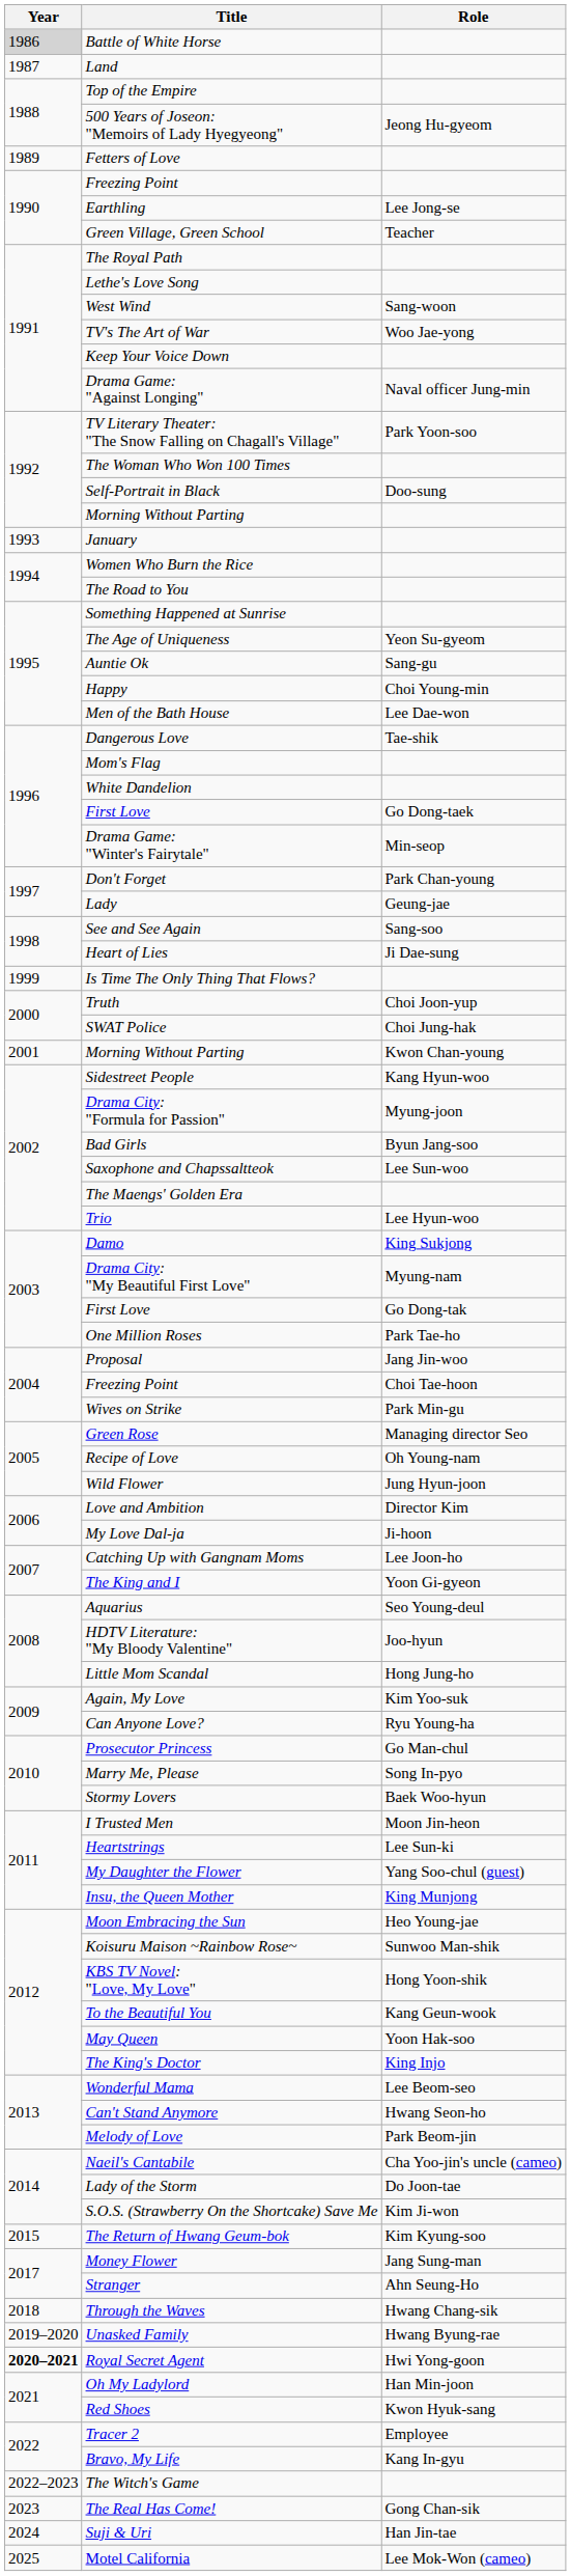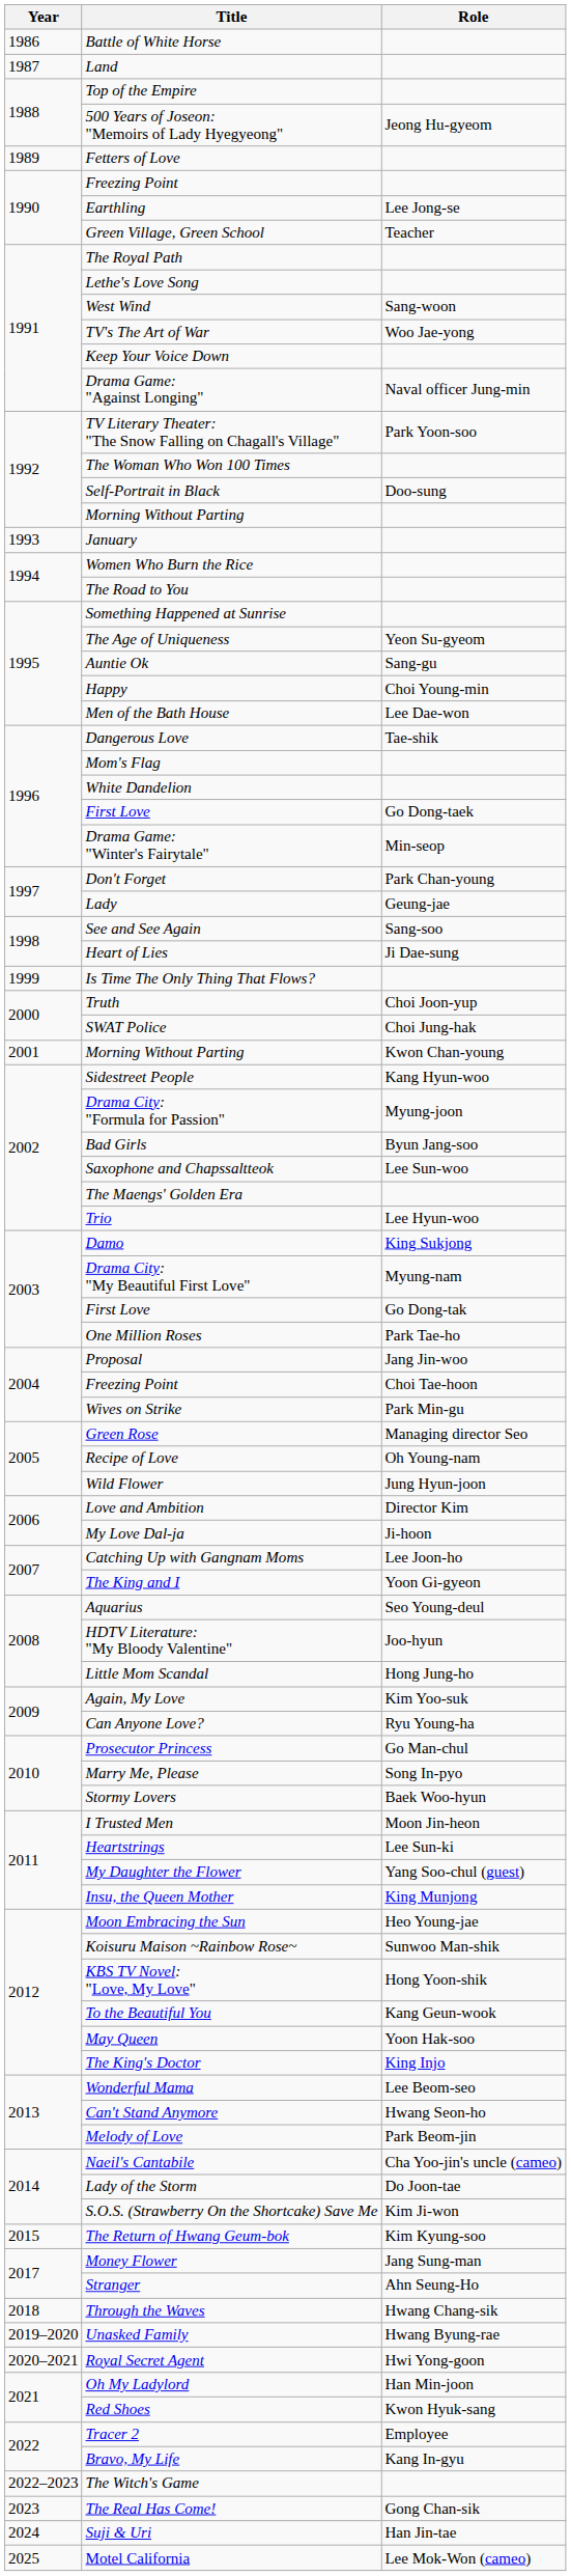 <table class="wikitable">
 <tr>
 <th>Year</th>
 <th>Title</th>
 <th>Role</th>
 </tr>
 <tr>
-<td style="background: lightgrey;">1986</td>
+<td>1986</td>
 <td><em>Battle of White Horse</em></td>
 <td></td>
 </tr>
 <tr>
 <td>1987</td>
 <td><em>Land</em></td>
 <td></td>
 </tr>
 <tr>
 <td rowspan=2>1988</td>
 <td><em>Top of the Empire</em></td>
 <td></td>
 </tr>
 <tr>
 <td><em>500 Years of Joseon:</em><br>"Memoirs of Lady Hyegyeong"</td>
 <td>Jeong Hu-gyeom</td>
 </tr>
 <tr>
 <td>1989</td>
 <td><em>Fetters of Love</em></td>
 <td></td>
 </tr>
 <tr>
 <td rowspan=3>1990</td>
 <td><em>Freezing Point</em></td>
 <td></td>
 </tr>
 <tr>
 <td><em>Earthling</em></td>
 <td>Lee Jong-se</td>
 </tr>
 <tr>
 <td><em>Green Village, Green School</em></td>
 <td>Teacher</td>
 </tr>
 <tr>
 <td rowspan=6>1991</td>
 <td><em>The Royal Path</em></td>
 <td></td>
 </tr>
 <tr>
 <td><em>Lethe's Love Song</em></td>
 <td></td>
 </tr>
 <tr>
 <td><em>West Wind</em></td>
 <td>Sang-woon</td>
 </tr>
 <tr>
 <td><em>TV's The Art of War</em></td>
 <td>Woo Jae-yong</td>
 </tr>
 <tr>
 <td><em>Keep Your Voice Down</em></td>
 <td></td>
 </tr>
 <tr>
 <td><em>Drama Game:</em><br>"Against Longing"</td>
 <td>Naval officer Jung-min</td>
 </tr>
 <tr>
 <td rowspan=4>1992</td>
 <td><em>TV Literary Theater:</em><br>"The Snow Falling on Chagall's Village"</td>
 <td>Park Yoon-soo</td>
 </tr>
 <tr>
 <td><em>The Woman Who Won 100 Times</em></td>
 <td></td>
 </tr>
 <tr>
 <td><em>Self-Portrait in Black</em></td>
 <td>Doo-sung</td>
 </tr>
 <tr>
 <td><em>Morning Without Parting</em></td>
 <td></td>
 </tr>
 <tr>
 <td>1993</td>
 <td><em>January</em></td>
 <td></td>
 </tr>
 <tr>
 <td rowspan=2>1994</td>
 <td><em>Women Who Burn the Rice</em></td>
 <td></td>
 </tr>
 <tr>
 <td><em>The Road to You</em></td>
 <td></td>
 </tr>
 <tr>
 <td rowspan=5>1995</td>
 <td><em>Something Happened at Sunrise</em></td>
 <td></td>
 </tr>
 <tr>
 <td><em>The Age of Uniqueness</em></td>
 <td>Yeon Su-gyeom</td>
 </tr>
 <tr>
 <td><em>Auntie Ok</em></td>
 <td>Sang-gu</td>
 </tr>
 <tr>
 <td><em>Happy</em></td>
 <td>Choi Young-min</td>
 </tr>
 <tr>
 <td><em>Men of the Bath House</em></td>
 <td>Lee Dae-won</td>
 </tr>
 <tr>
 <td rowspan=5>1996</td>
 <td><em>Dangerous Love</em></td>
 <td>Tae-shik</td>
 </tr>
 <tr>
 <td><em>Mom's Flag</em></td>
 <td></td>
 </tr>
 <tr>
 <td><em>White Dandelion</em></td>
 <td></td>
 </tr>
 <tr>
 <td><em><a href='#'>First Love</a></em></td>
 <td>Go Dong-taek</td>
 </tr>
 <tr>
 <td><em>Drama Game:</em><br>"Winter's Fairytale"</td>
 <td>Min-seop</td>
 </tr>
 <tr>
 <td rowspan=2>1997</td>
 <td><em>Don't Forget</em></td>
 <td>Park Chan-young</td>
 </tr>
 <tr>
 <td><em>Lady</em></td>
 <td>Geung-jae</td>
 </tr>
 <tr>
 <td rowspan=2>1998</td>
 <td><em>See and See Again</em></td>
 <td>Sang-soo</td>
 </tr>
 <tr>
 <td><em>Heart of Lies</em></td>
 <td>Ji Dae-sung</td>
 </tr>
 <tr>
 <td>1999</td>
 <td><em>Is Time The Only Thing That Flows?</em></td>
 <td></td>
 </tr>
 <tr>
 <td rowspan=2>2000</td>
 <td><em>Truth</em></td>
 <td>Choi Joon-yup</td>
 </tr>
 <tr>
 <td><em>SWAT Police</em></td>
 <td>Choi Jung-hak</td>
 </tr>
 <tr>
 <td>2001</td>
 <td><em>Morning Without Parting</em></td>
 <td>Kwon Chan-young</td>
 </tr>
 <tr>
 <td rowspan=6>2002</td>
 <td><em>Sidestreet People</em></td>
 <td>Kang Hyun-woo</td>
 </tr>
 <tr>
 <td><em><a href='#'>Drama City</a>:</em><br>"Formula for Passion"</td>
 <td>Myung-joon</td>
 </tr>
 <tr>
 <td><em>Bad Girls</em></td>
 <td>Byun Jang-soo</td>
 </tr>
 <tr>
 <td><em>Saxophone and Chapssaltteok</em></td>
 <td>Lee Sun-woo</td>
 </tr>
 <tr>
 <td><em>The Maengs' Golden Era</em></td>
 <td></td>
 </tr>
 <tr>
 <td><em><a href='#'>Trio</a></em></td>
 <td>Lee Hyun-woo</td>
 </tr>
 <tr>
 <td rowspan=4>2003</td>
 <td><em><a href='#'>Damo</a></em></td>
 <td><a href='#'>King Sukjong</a></td>
 </tr>
 <tr>
 <td><em><a href='#'>Drama City</a>:</em><br>"My Beautiful First Love"</td>
 <td>Myung-nam</td>
 </tr>
 <tr>
 <td><em>First Love</em></td>
 <td>Go Dong-tak</td>
 </tr>
 <tr>
 <td><em>One Million Roses</em></td>
 <td>Park Tae-ho</td>
 </tr>
 <tr>
 <td rowspan=3>2004</td>
 <td><em>Proposal</em></td>
 <td>Jang Jin-woo</td>
 </tr>
 <tr>
 <td><em>Freezing Point</em></td>
 <td>Choi Tae-hoon</td>
 </tr>
 <tr>
 <td><em>Wives on Strike</em></td>
 <td>Park Min-gu</td>
 </tr>
 <tr>
 <td rowspan=3>2005</td>
 <td><em><a href='#'>Green Rose</a></em></td>
 <td>Managing director Seo</td>
 </tr>
 <tr>
 <td><em>Recipe of Love</em></td>
 <td>Oh Young-nam</td>
 </tr>
 <tr>
 <td><em>Wild Flower</em></td>
 <td>Jung Hyun-joon</td>
 </tr>
 <tr>
 <td rowspan=2>2006</td>
 <td><em>Love and Ambition</em></td>
 <td>Director Kim</td>
 </tr>
 <tr>
 <td><em>My Love Dal-ja</em></td>
 <td>Ji-hoon</td>
 </tr>
 <tr>
 <td rowspan=2>2007</td>
 <td><em>Catching Up with Gangnam Moms</em></td>
 <td>Lee Joon-ho</td>
 </tr>
 <tr>
 <td><em><a href='#'>The King and I</a></em></td>
 <td>Yoon Gi-gyeon</td>
 </tr>
 <tr>
 <td rowspan=3>2008</td>
 <td><em>Aquarius</em></td>
 <td>Seo Young-deul</td>
 </tr>
 <tr>
 <td><em>HDTV Literature:</em><br>"My Bloody Valentine"</td>
 <td>Joo-hyun</td>
 </tr>
 <tr>
 <td><em>Little Mom Scandal</em></td>
 <td>Hong Jung-ho</td>
 </tr>
 <tr>
 <td rowspan=2>2009</td>
 <td><em>Again, My Love</em></td>
 <td>Kim Yoo-suk</td>
 </tr>
 <tr>
 <td><em>Can Anyone Love?</em></td>
 <td>Ryu Young-ha</td>
 </tr>
 <tr>
 <td rowspan=3>2010</td>
 <td><em><a href='#'>Prosecutor Princess</a></em></td>
 <td>Go Man-chul</td>
 </tr>
 <tr>
 <td><em>Marry Me, Please</em></td>
 <td>Song In-pyo</td>
 </tr>
 <tr>
 <td><em>Stormy Lovers</em></td>
 <td>Baek Woo-hyun</td>
 </tr>
 <tr>
 <td rowspan=4>2011</td>
 <td><em>I Trusted Men</em></td>
 <td>Moon Jin-heon</td>
 </tr>
 <tr>
 <td><em><a href='#'>Heartstrings</a></em></td>
 <td>Lee Sun-ki</td>
 </tr>
 <tr>
 <td><em><a href='#'>My Daughter the Flower</a></em></td>
 <td>Yang Soo-chul (<a href='#'>guest</a>)</td>
 </tr>
 <tr>
 <td><em><a href='#'>Insu, the Queen Mother</a></em></td>
 <td><a href='#'>King Munjong</a></td>
 </tr>
 <tr>
 <td rowspan=6>2012</td>
 <td><em><a href='#'>Moon Embracing the Sun</a></em></td>
 <td>Heo Young-jae</td>
 </tr>
 <tr>
 <td><em>Koisuru Maison ~Rainbow Rose~</em></td>
 <td>Sunwoo Man-shik</td>
 </tr>
 <tr>
 <td><em><a href='#'>KBS TV Novel</a>:</em><br>"<a href='#'>Love, My Love</a>"</td>
 <td>Hong Yoon-shik</td>
 </tr>
 <tr>
 <td><em><a href='#'>To the Beautiful You</a></em></td>
 <td>Kang Geun-wook</td>
 </tr>
 <tr>
 <td><em><a href='#'>May Queen</a></em></td>
 <td>Yoon Hak-soo</td>
 </tr>
 <tr>
 <td><em><a href='#'>The King's Doctor</a></em></td>
 <td><a href='#'>King Injo</a></td>
 </tr>
 <tr>
 <td rowspan=3>2013</td>
 <td><em><a href='#'>Wonderful Mama</a></em></td>
 <td>Lee Beom-seo</td>
 </tr>
 <tr>
 <td><em><a href='#'>Can't Stand Anymore</a></em></td>
 <td>Hwang Seon-ho</td>
 </tr>
 <tr>
 <td><em><a href='#'>Melody of Love</a></em></td>
 <td>Park Beom-jin</td>
 </tr>
 <tr>
 <td rowspan=3>2014</td>
 <td><em><a href='#'>Naeil's Cantabile</a></em></td>
 <td>Cha Yoo-jin's uncle (<a href='#'>cameo</a>)</td>
 </tr>
 <tr>
 <td><em>Lady of the Storm</em></td>
 <td>Do Joon-tae</td>
 </tr>
 <tr>
 <td><em>S.O.S. (Strawberry On the Shortcake) Save Me</em></td>
 <td>Kim Ji-won</td>
 </tr>
 <tr>
 <td>2015</td>
 <td><em><a href='#'>The Return of Hwang Geum-bok</a></em></td>
 <td>Kim Kyung-soo</td>
 </tr>
 <tr>
 <td rowspan=2>2017</td>
 <td><em><a href='#'>Money Flower</a></em></td>
 <td>Jang Sung-man</td>
 </tr>
 <tr>
 <td><em><a href='#'>Stranger</a></em></td>
 <td>Ahn Seung-Ho</td>
 </tr>
 <tr>
 <td>2018</td>
 <td><em><a href='#'>Through the Waves</a></em></td>
 <td>Hwang Chang-sik</td>
 </tr>
 <tr>
 <td>2019–2020</td>
 <td><em><a href='#'>Unasked Family</a></em></td>
 <td>Hwang Byung-rae</td>
 </tr>
 <tr>
-<td><strong>2020–2021</strong></td>
+<td>2020–2021</td>
 <td><em><a href='#'>Royal Secret Agent</a></em></td>
 <td>Hwi Yong-goon</td>
 </tr>
 <tr>
 <td rowspan=2>2021</td>
 <td><em><a href='#'>Oh My Ladylord</a></em></td>
 <td>Han Min-joon</td>
 </tr>
 <tr>
 <td><em><a href='#'>Red Shoes</a></em></td>
 <td>Kwon Hyuk-sang</td>
 </tr>
 <tr>
 <td rowspan=2>2022</td>
 <td><em><a href='#'>Tracer 2</a></em></td>
 <td>Employee</td>
 </tr>
 <tr>
 <td><em><a href='#'>Bravo, My Life</a></em></td>
 <td>Kang In-gyu</td>
 </tr>
 <tr>
 <td>2022–2023</td>
 <td><em>The Witch's Game</em></td>
 <td></td>
 </tr>
 <tr>
 <td>2023</td>
 <td><em><a href='#'>The Real Has Come!</a></em></td>
 <td>Gong Chan-sik</td>
 </tr>
 <tr>
 <td>2024</td>
 <td><em><a href='#'>Suji & Uri</a></em></td>
 <td>Han Jin-tae</td>
 </tr>
 <tr>
 <td>2025</td>
 <td><a href='#'>Motel California</a></td>
 <td>Lee Mok-Won (<a href='#'>cameo</a>)</td>
 </tr>
 </table>
